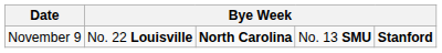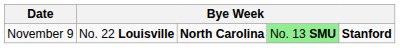 <table class="wikitable" style="font-size:95%;">
 <tr>
 <th>Date</th>
 <th colspan="4">Bye Week</th>
 </tr>
 <tr>
 <td>November 9</td>
 <td>No. 22 <strong>Louisville</strong></td>
 <td><strong>North Carolina</strong></td>
-<td>No. 13 <strong>SMU</strong></td>
+<td style="background: lightgreen;">No. 13 <strong>SMU</strong></td>
 <td><strong>Stanford</strong></td>
 </tr>
 </table>
